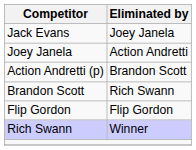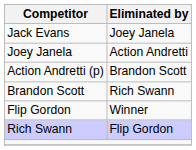 <table class="wikitable">
 <tr>
 <th>Competitor</th>
 <th>Eliminated by</th>
 </tr>
 <tr>
 <td>Jack Evans</td>
 <td>Joey Janela</td>
 </tr>
 <tr>
 <td>Joey Janela</td>
 <td>Action Andretti</td>
 </tr>
 <tr>
 <td>Action Andretti (p)</td>
 <td>Brandon Scott</td>
 </tr>
 <tr>
 <td>Brandon Scott</td>
 <td>Rich Swann</td>
 </tr>
 <tr>
 <td>Flip Gordon</td>
-<td>Flip Gordon</td>
+<td>Winner</td>
 </tr>
 <tr style="background: #CCCCFF;">
 <td>Rich Swann</td>
-<td>Winner</td>
+<td>Flip Gordon</td>
 </tr>
 <tr>
 <td colspan="2"></td>
 </tr>
 <tr>
 </tr>
 </table>
